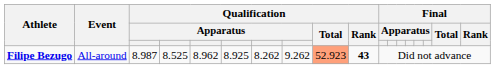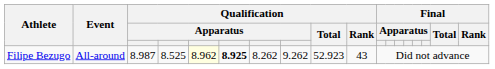 <table class="wikitable" style="font-size:90%">
 <tr>
 <th rowspan=3>Athlete</th>
 <th rowspan=3>Event</th>
 <th colspan =8>Qualification</th>
 <th colspan =8>Final</th>
 </tr>
 <tr style="font-size:95%">
 <th colspan=6>Apparatus</th>
 <th rowspan=2>Total</th>
 <th rowspan=2>Rank</th>
 <th colspan=6>Apparatus</th>
 <th rowspan=2>Total</th>
 <th rowspan=2>Rank</th>
 </tr>
 <tr style="font-size:95%">
 <th></th>
 <th></th>
 <th></th>
 <th></th>
 <th></th>
 <th></th>
 <th></th>
 <th></th>
 <th></th>
 <th></th>
 <th></th>
 <th></th>
 </tr>
 <tr align=center>
-<td align=left><strong><a href='#'>Filipe Bezugo</a></strong></td>
+<td align=left><a href='#'>Filipe Bezugo</a></td>
 <td align=left><a href='#'>All-around</a></td>
 <td>8.987</td>
 <td>8.525</td>
-<td>8.962</td>
-<td>8.925</td>
+<td style="background: lightyellow;">8.962</td>
+<td><strong>8.925</strong></td>
 <td>8.262</td>
 <td>9.262</td>
-<td style="background: lightsalmon;">52.923</td>
-<td><strong>43</strong></td>
+<td>52.923</td>
+<td>43</td>
 <td colspan=8>Did not advance</td>
 </tr>
 </table>
